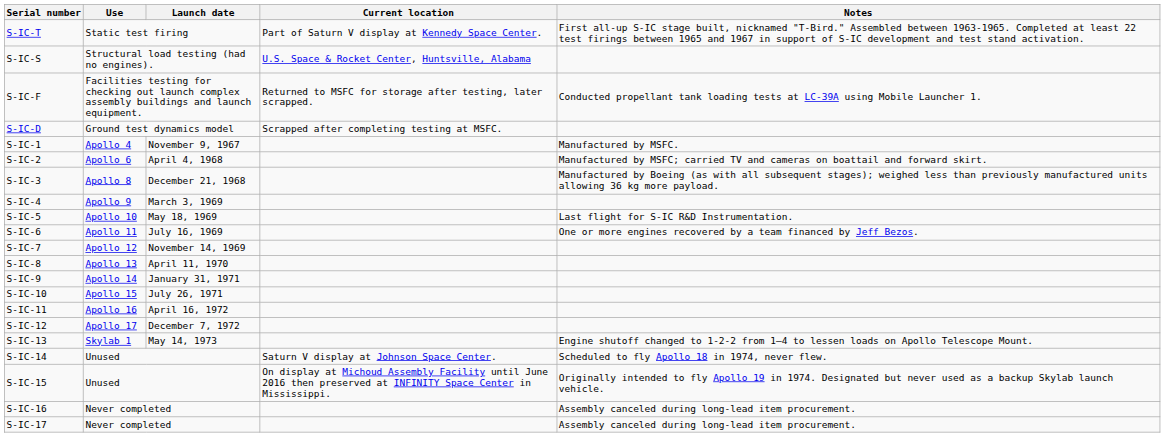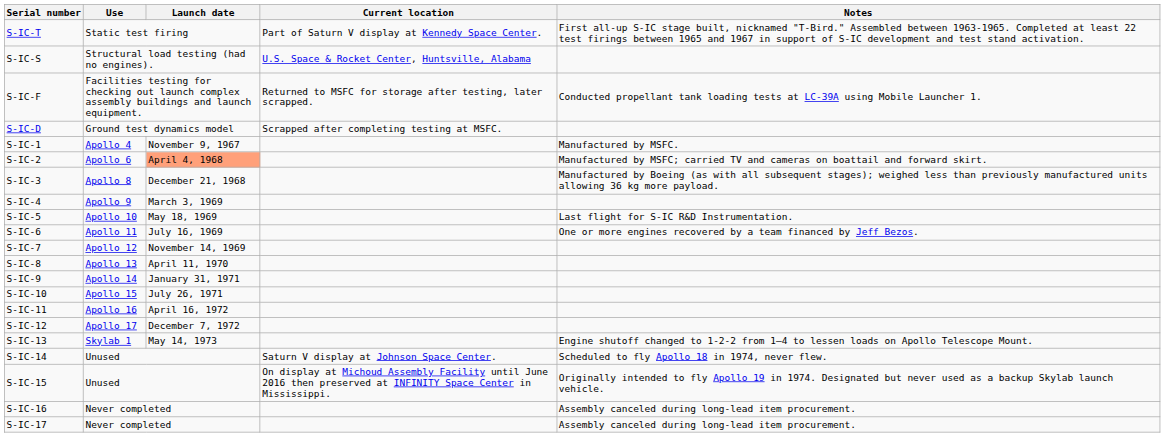 <table class="wikitable" border="1" width=100%>
 <tr>
 <th>Serial number</th>
 <th width="80px">Use</th>
 <th width="150px">Launch date</th>
 <th width="400px">Current location</th>
 <th>Notes</th>
 </tr>
 <tr>
 <td><a href='#'>S-IC-T</a></td>
 <td colspan=2>Static test firing</td>
 <td>Part of Saturn V display at <a href='#'>Kennedy Space Center</a>.</td>
 <td>First all-up S-IC stage built, nicknamed "T-Bird." Assembled between 1963-1965. Completed at least 22 test firings between 1965 and 1967 in support of S-IC development and test stand activation.</td>
 </tr>
 <tr>
 <td>S-IC-S</td>
 <td colspan=2>Structural load testing (had no engines).</td>
 <td><a href='#'>U.S. Space & Rocket Center</a>, <a href='#'>Huntsville, Alabama</a> <br></td>
 <td></td>
 </tr>
 <tr>
 <td>S-IC-F</td>
 <td colspan=2>Facilities testing for checking out launch complex assembly buildings and launch equipment.</td>
 <td>Returned to MSFC for storage after testing, later scrapped.</td>
 <td>Conducted propellant tank loading tests at <a href='#'>LC-39A</a> using Mobile Launcher 1.</td>
 </tr>
 <tr>
 <td><a href='#'>S-IC-D</a></td>
 <td colspan=2>Ground test dynamics model</td>
 <td>Scrapped after completing testing at MSFC.</td>
 <td></td>
 </tr>
 <tr>
 <td>S-IC-1</td>
 <td><a href='#'>Apollo 4</a></td>
 <td>November 9, 1967</td>
 <td></td>
 <td>Manufactured by MSFC.</td>
 </tr>
 <tr>
 <td>S-IC-2</td>
 <td><a href='#'>Apollo 6</a></td>
-<td>April 4, 1968</td>
+<td style="background: lightsalmon;">April 4, 1968</td>
 <td></td>
 <td>Manufactured by MSFC; carried TV and cameras on boattail and forward skirt.</td>
 </tr>
 <tr>
 <td>S-IC-3</td>
 <td><a href='#'>Apollo 8</a></td>
 <td>December 21, 1968</td>
 <td></td>
 <td>Manufactured by Boeing (as with all subsequent stages); weighed less than previously manufactured units allowing 36 kg more payload.</td>
 </tr>
 <tr>
 <td>S-IC-4</td>
 <td><a href='#'>Apollo 9</a></td>
 <td>March 3, 1969</td>
 <td></td>
 <td></td>
 </tr>
 <tr>
 <td>S-IC-5</td>
 <td><a href='#'>Apollo 10</a></td>
 <td>May 18, 1969</td>
 <td></td>
 <td>Last flight for S-IC R&D Instrumentation.</td>
 </tr>
 <tr>
 <td>S-IC-6</td>
 <td><a href='#'>Apollo 11</a></td>
 <td>July 16, 1969</td>
 <td></td>
 <td>One or more engines recovered by a team financed by <a href='#'>Jeff Bezos</a>.</td>
 </tr>
 <tr>
 <td>S-IC-7</td>
 <td><a href='#'>Apollo 12</a></td>
 <td>November 14, 1969</td>
 <td></td>
 <td></td>
 </tr>
 <tr>
 <td>S-IC-8</td>
 <td><a href='#'>Apollo 13</a></td>
 <td>April 11, 1970</td>
 <td></td>
 <td></td>
 </tr>
 <tr>
 <td>S-IC-9</td>
 <td><a href='#'>Apollo 14</a></td>
 <td>January 31, 1971</td>
 <td></td>
 <td></td>
 </tr>
 <tr>
 <td>S-IC-10</td>
 <td><a href='#'>Apollo 15</a></td>
 <td>July 26, 1971</td>
 <td></td>
 <td></td>
 </tr>
 <tr>
 <td>S-IC-11</td>
 <td><a href='#'>Apollo 16</a></td>
 <td>April 16, 1972</td>
 <td></td>
 <td></td>
 </tr>
 <tr>
 <td>S-IC-12</td>
 <td><a href='#'>Apollo 17</a></td>
 <td>December 7, 1972</td>
 <td></td>
 <td></td>
 </tr>
 <tr>
 <td>S-IC-13</td>
 <td><a href='#'>Skylab 1</a></td>
 <td>May 14, 1973</td>
 <td></td>
 <td>Engine shutoff changed to 1-2-2 from 1–4 to lessen loads on Apollo Telescope Mount.</td>
 </tr>
 <tr>
 <td>S-IC-14</td>
 <td colspan=2>Unused</td>
 <td>Saturn V display at <a href='#'>Johnson Space Center</a>.</td>
 <td>Scheduled to fly <a href='#'>Apollo 18</a> in 1974, never flew.</td>
 </tr>
 <tr>
 <td>S-IC-15</td>
 <td colspan=2>Unused</td>
 <td>On display at <a href='#'>Michoud Assembly Facility</a> until June 2016 then preserved at <a href='#'>INFINITY Space Center</a> in Mississippi.</td>
 <td>Originally intended to fly <a href='#'>Apollo 19</a> in 1974. Designated but never used as a backup Skylab launch vehicle.</td>
 </tr>
 <tr>
 <td>S-IC-16</td>
 <td colspan=2>Never completed</td>
 <td></td>
 <td>Assembly canceled during long-lead item procurement.</td>
 </tr>
 <tr>
 <td>S-IC-17</td>
 <td colspan=2>Never completed</td>
 <td></td>
 <td>Assembly canceled during long-lead item procurement.</td>
 </tr>
 </table>
